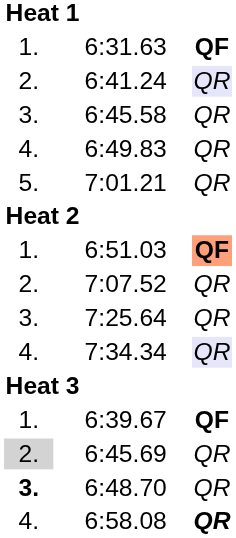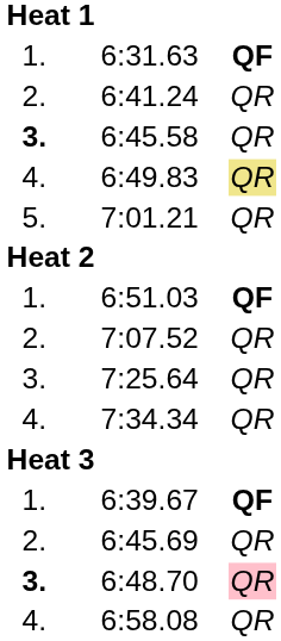 <table style="text-align:center">
 <tr>
 <td colspan=4 align=left><strong>Heat 1</strong></td>
 </tr>
 <tr>
 <td width=30>1.</td>
 <td align=left></td>
 <td width=80>6:31.63</td>
 <td><strong>QF</strong></td>
 </tr>
 <tr>
 <td>2.</td>
 <td align=left></td>
 <td>6:41.24</td>
-<td style="background: lavender;"><em>QR</em></td>
+<td><em>QR</em></td>
 </tr>
 <tr>
-<td>3.</td>
+<td><strong>3.</strong></td>
 <td align=left></td>
 <td>6:45.58</td>
 <td><em>QR</em></td>
 </tr>
 <tr>
 <td>4.</td>
 <td align=left></td>
 <td>6:49.83</td>
-<td><em>QR</em></td>
+<td style="background: khaki;"><em>QR</em></td>
 </tr>
 <tr>
 <td>5.</td>
 <td align=left></td>
 <td>7:01.21</td>
 <td><em>QR</em></td>
 </tr>
 <tr>
 <td colspan=4 align=left><strong>Heat 2</strong></td>
 </tr>
 <tr>
 <td>1.</td>
 <td align=left></td>
 <td>6:51.03</td>
-<td style="background: lightsalmon;"><strong>QF</strong></td>
+<td><strong>QF</strong></td>
 </tr>
 <tr>
 <td>2.</td>
 <td align=left></td>
 <td>7:07.52</td>
 <td><em>QR</em></td>
 </tr>
 <tr>
 <td>3.</td>
 <td align=left></td>
 <td>7:25.64</td>
 <td><em>QR</em></td>
 </tr>
 <tr>
 <td>4.</td>
 <td align=left></td>
 <td>7:34.34</td>
-<td style="background: lavender;"><em>QR</em></td>
+<td><em>QR</em></td>
 </tr>
 <tr>
 <td colspan=4 align=left><strong>Heat 3</strong></td>
 </tr>
 <tr>
 <td>1.</td>
 <td align=left></td>
 <td>6:39.67</td>
 <td><strong>QF</strong></td>
 </tr>
 <tr>
-<td style="background: lightgrey;">2.</td>
+<td>2.</td>
 <td align=left></td>
 <td>6:45.69</td>
 <td><em>QR</em></td>
 </tr>
 <tr>
 <td><strong>3.</strong></td>
 <td align=left></td>
 <td>6:48.70</td>
-<td><em>QR</em></td>
+<td style="background: pink;"><em>QR</em></td>
 </tr>
 <tr>
 <td>4.</td>
 <td align=left></td>
 <td>6:58.08</td>
-<td><strong><em>QR</em></strong></td>
+<td><em>QR</em></td>
 </tr>
 </table>
